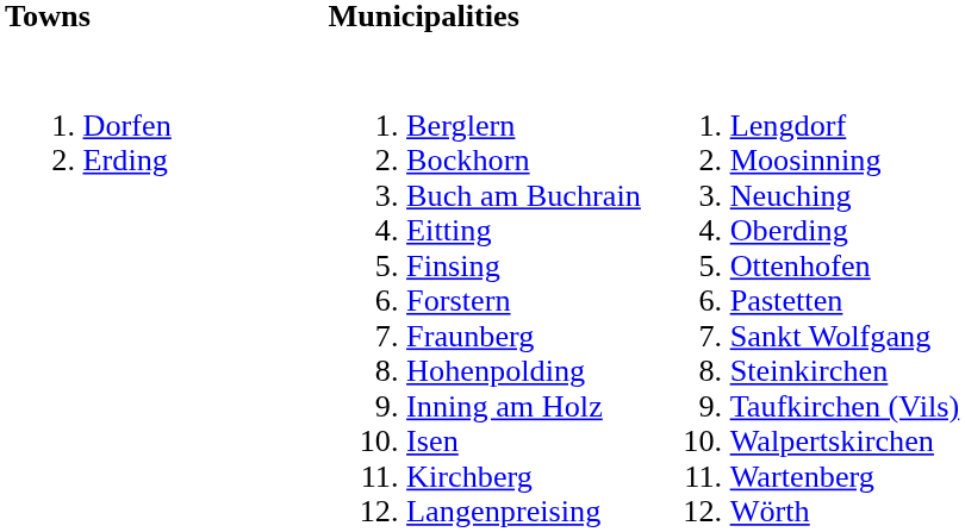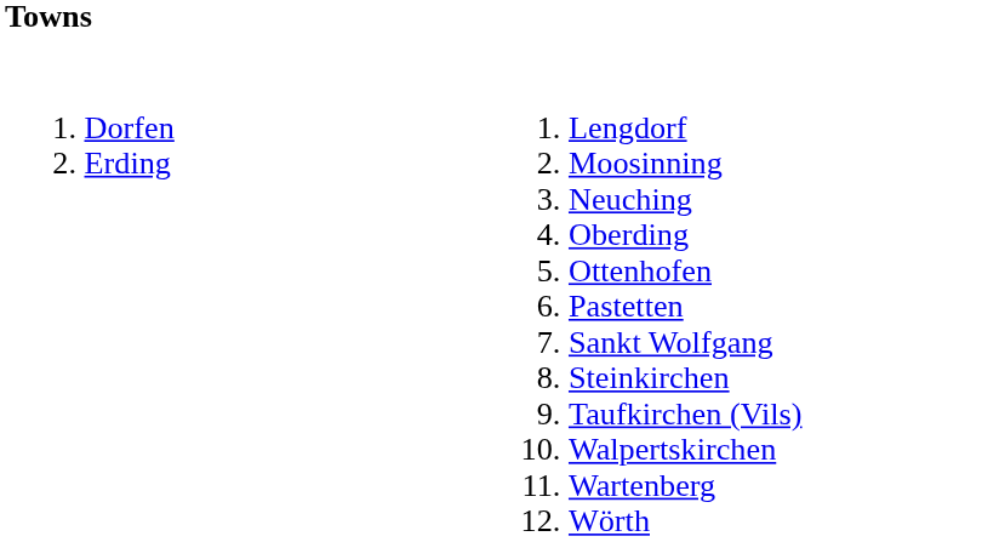 <table>
 <tr>
 <th align=left width=33%>Towns</th>
-<th align=left width=33%>Municipalities</th>
 <th align=left width=33%></th>
 </tr>
 <tr valign=top>
 <td><br><ol><li><a href='#'>Dorfen</a></li><li><a href='#'>Erding</a></li></ol></td>
-<td><br><ol><li><a href='#'>Berglern</a></li><li><a href='#'>Bockhorn</a></li><li><a href='#'>Buch am Buchrain</a></li><li><a href='#'>Eitting</a></li><li><a href='#'>Finsing</a></li><li><a href='#'>Forstern</a></li><li><a href='#'>Fraunberg</a></li><li><a href='#'>Hohenpolding</a></li><li><a href='#'>Inning am Holz</a></li><li><a href='#'>Isen</a></li><li><a href='#'>Kirchberg</a></li><li><a href='#'>Langenpreising</a></li></ol></td>
 <td><br><ol> <li> <a href='#'>Lengdorf</a> <li> <a href='#'>Moosinning</a> <li> <a href='#'>Neuching</a> <li> <a href='#'>Oberding</a> <li> <a href='#'>Ottenhofen</a> <li> <a href='#'>Pastetten</a> <li> <a href='#'>Sankt Wolfgang</a> <li> <a href='#'>Steinkirchen</a> <li> <a href='#'>Taufkirchen (Vils)</a> <li> <a href='#'>Walpertskirchen</a> <li> <a href='#'>Wartenberg</a> <li> <a href='#'>Wörth</a> </ol></td>
 </tr>
 </table>
